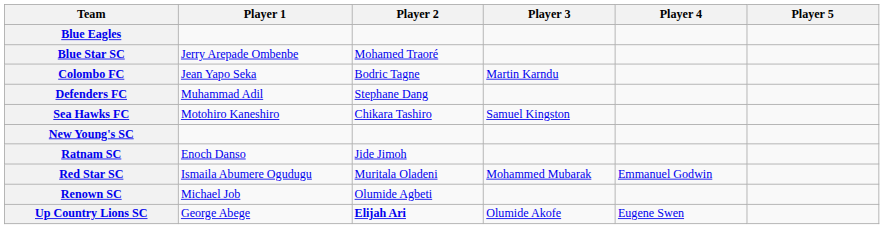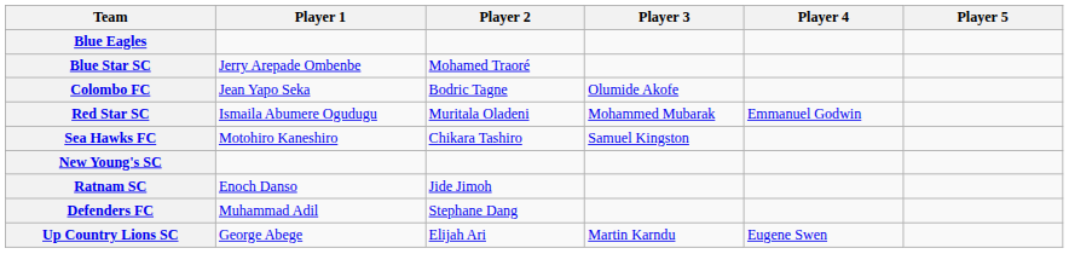 <table class="wikitable" style="font-size:90%;">
 <tr>
 <th scope=col width="200">Team</th>
 <th scope=col width="200">Player 1</th>
 <th scope=col width="150">Player 2</th>
 <th scope=col width="150">Player 3</th>
 <th scope=col width="150">Player 4</th>
 <th scope=col width="150">Player 5</th>
 </tr>
 <tr>
 <th scope=row style="text-align: center;"><a href='#'>Blue Eagles</a></th>
 <td></td>
 <td></td>
 <td></td>
 <td></td>
 <td></td>
 </tr>
 <tr>
 <th scope=row style="text-align: center;"><a href='#'>Blue Star SC</a></th>
 <td> <a href='#'>Jerry Arepade Ombenbe</a></td>
 <td> <a href='#'>Mohamed Traoré</a></td>
 <td></td>
 <td></td>
 <td></td>
 </tr>
 <tr>
 <th scope=row style="text-align: center;"><a href='#'>Colombo FC</a></th>
 <td> <a href='#'>Jean Yapo Seka</a></td>
 <td> <a href='#'>Bodric Tagne</a></td>
-<td> <a href='#'>Martin Karndu</a></td>
+<td> <a href='#'>Olumide Akofe</a></td>
 <td></td>
 <td></td>
 </tr>
 <tr>
-<th scope=row style="text-align: center;"><a href='#'>Defenders FC</a></th>
-<td> <a href='#'>Muhammad Adil</a></td>
-<td> <a href='#'>Stephane Dang</a></td>
-<td></td>
-<td></td>
+<th scope=row style="text-align: center;"><a href='#'>Red Star SC</a></th>
+<td> <a href='#'>Ismaila Abumere Ogudugu</a></td>
+<td> <a href='#'>Muritala Oladeni</a></td>
+<td> <a href='#'>Mohammed Mubarak</a></td>
+<td> <a href='#'>Emmanuel Godwin</a></td>
 <td></td>
 </tr>
 <tr>
 <th scope=row style="text-align: center;"><a href='#'>Sea Hawks FC</a></th>
 <td> <a href='#'>Motohiro Kaneshiro</a></td>
 <td> <a href='#'>Chikara Tashiro</a></td>
 <td> <a href='#'>Samuel Kingston</a></td>
 <td></td>
 <td></td>
 </tr>
 <tr>
 <th scope=row style="text-align: center;"><a href='#'>New Young's SC</a></th>
 <td></td>
 <td></td>
 <td></td>
 <td></td>
 <td></td>
 </tr>
 <tr>
 <th scope=row style="text-align: center;"><a href='#'>Ratnam SC</a></th>
 <td> <a href='#'>Enoch Danso</a></td>
 <td> <a href='#'>Jide Jimoh</a></td>
 <td></td>
 <td></td>
 <td></td>
 </tr>
 <tr>
-<th scope=row style="text-align: center;"><a href='#'>Red Star SC</a></th>
-<td> <a href='#'>Ismaila Abumere Ogudugu</a></td>
-<td> <a href='#'>Muritala Oladeni</a></td>
-<td> <a href='#'>Mohammed Mubarak</a></td>
-<td> <a href='#'>Emmanuel Godwin</a></td>
-<td></td>
-</tr>
-<tr>
-<th scope=row style="text-align: center;"><a href='#'>Renown SC</a></th>
-<td> <a href='#'>Michael Job</a></td>
-<td> <a href='#'>Olumide Agbeti</a></td>
+<th scope=row style="text-align: center;"><a href='#'>Defenders FC</a></th>
+<td> <a href='#'>Muhammad Adil</a></td>
+<td> <a href='#'>Stephane Dang</a></td>
 <td></td>
 <td></td>
 <td></td>
 </tr>
 <tr>
 <th scope=row style="text-align: center;"><a href='#'>Up Country Lions SC</a></th>
 <td> <a href='#'>George Abege</a></td>
-<td><strong> <a href='#'>Elijah Ari</a></strong></td>
-<td> <a href='#'>Olumide Akofe</a></td>
+<td> <a href='#'>Elijah Ari</a></td>
+<td> <a href='#'>Martin Karndu</a></td>
 <td> <a href='#'>Eugene Swen</a></td>
 <td></td>
 </tr>
 </table>
